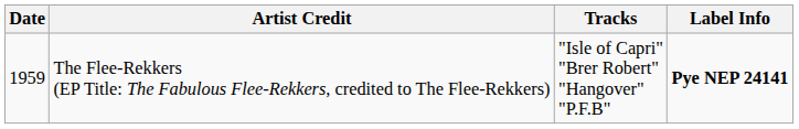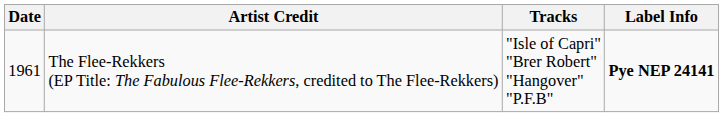 <table class="wikitable">
 <tr>
 <th>Date</th>
 <th>Artist Credit</th>
 <th>Tracks</th>
 <th>Label Info</th>
 </tr>
 <tr>
-<td>1959</td>
+<td>1961</td>
 <td>The Flee-Rekkers<br>(EP Title: <em>The Fabulous Flee-Rekkers</em>, credited to The Flee-Rekkers)</td>
 <td>"Isle of Capri"<br>"Brer Robert"<br>"Hangover"<br>"P.F.B"</td>
 <td><strong>Pye NEP 24141</strong></td>
 </tr>
 </table>
